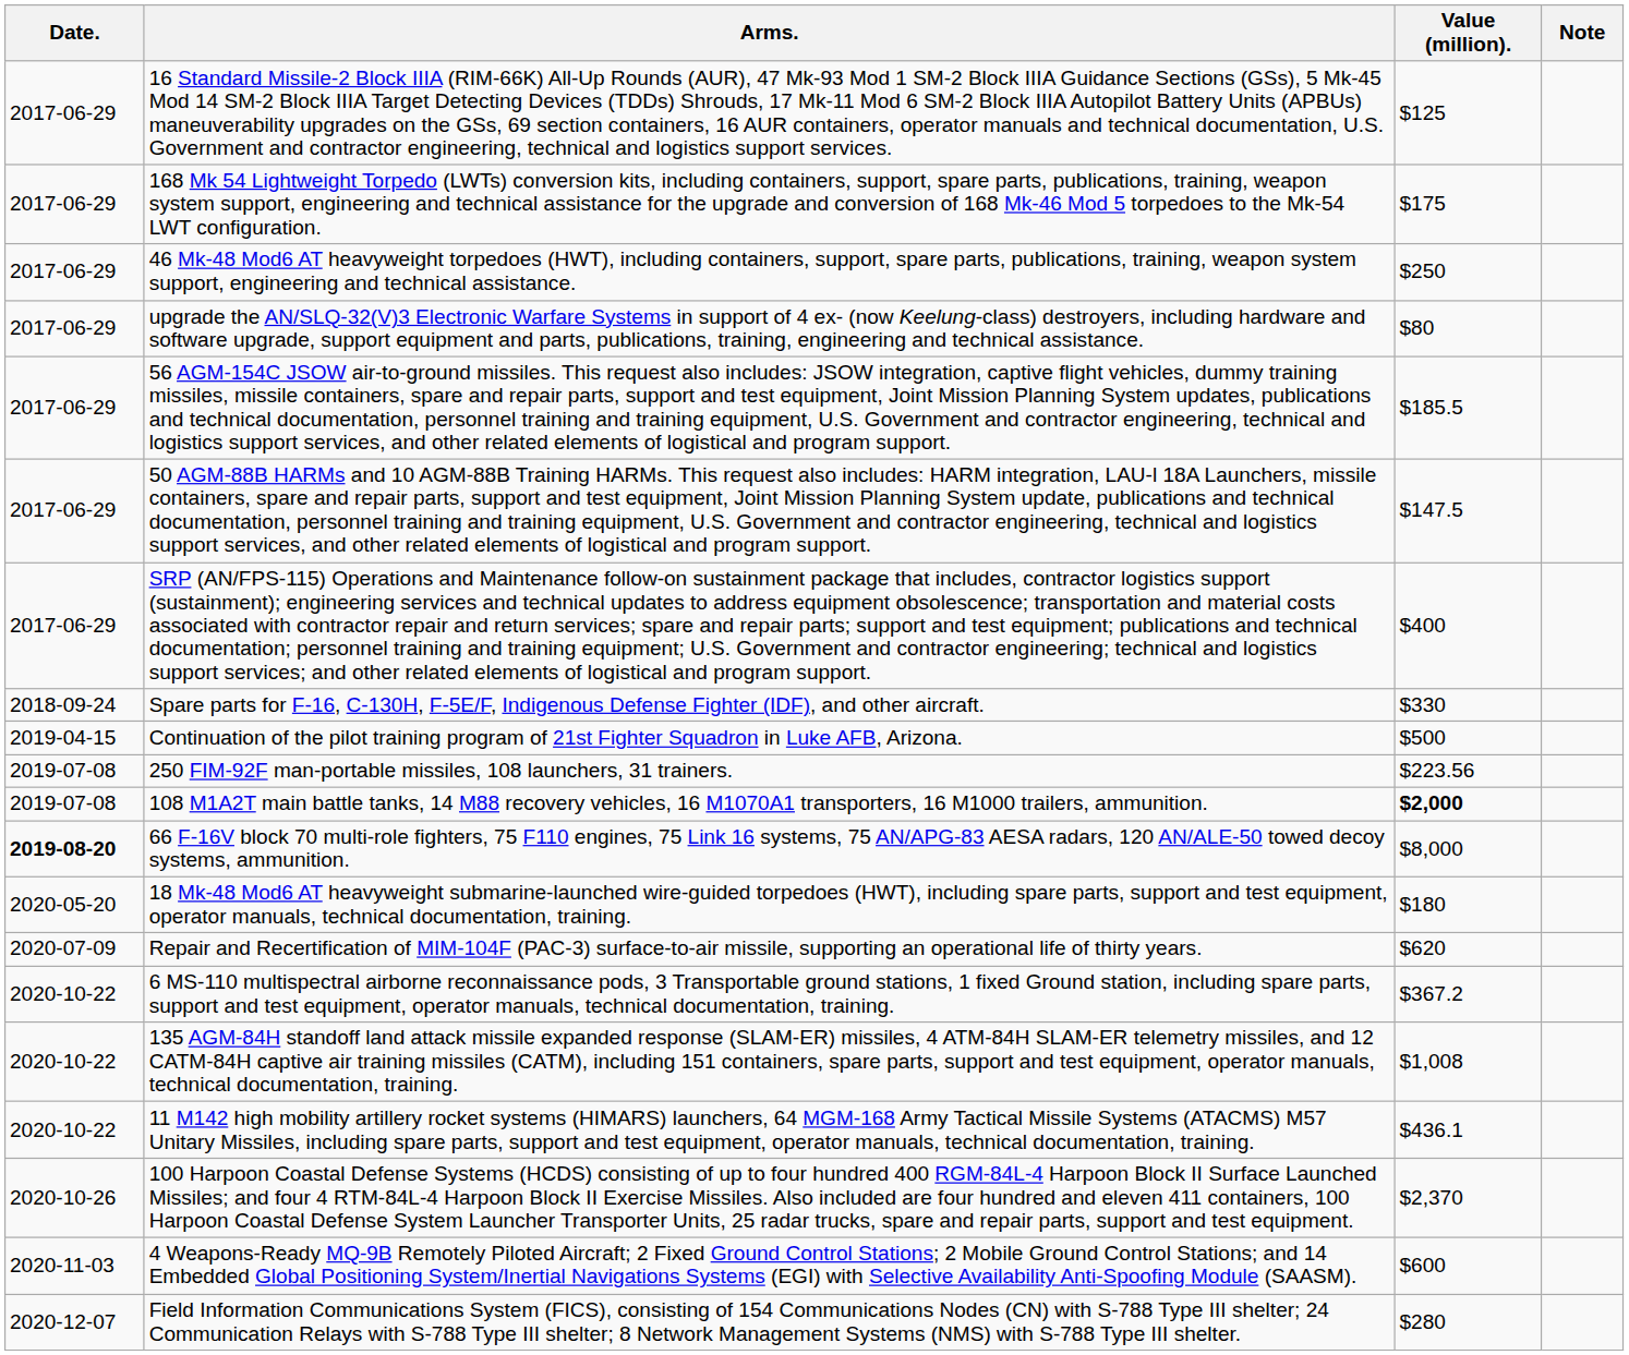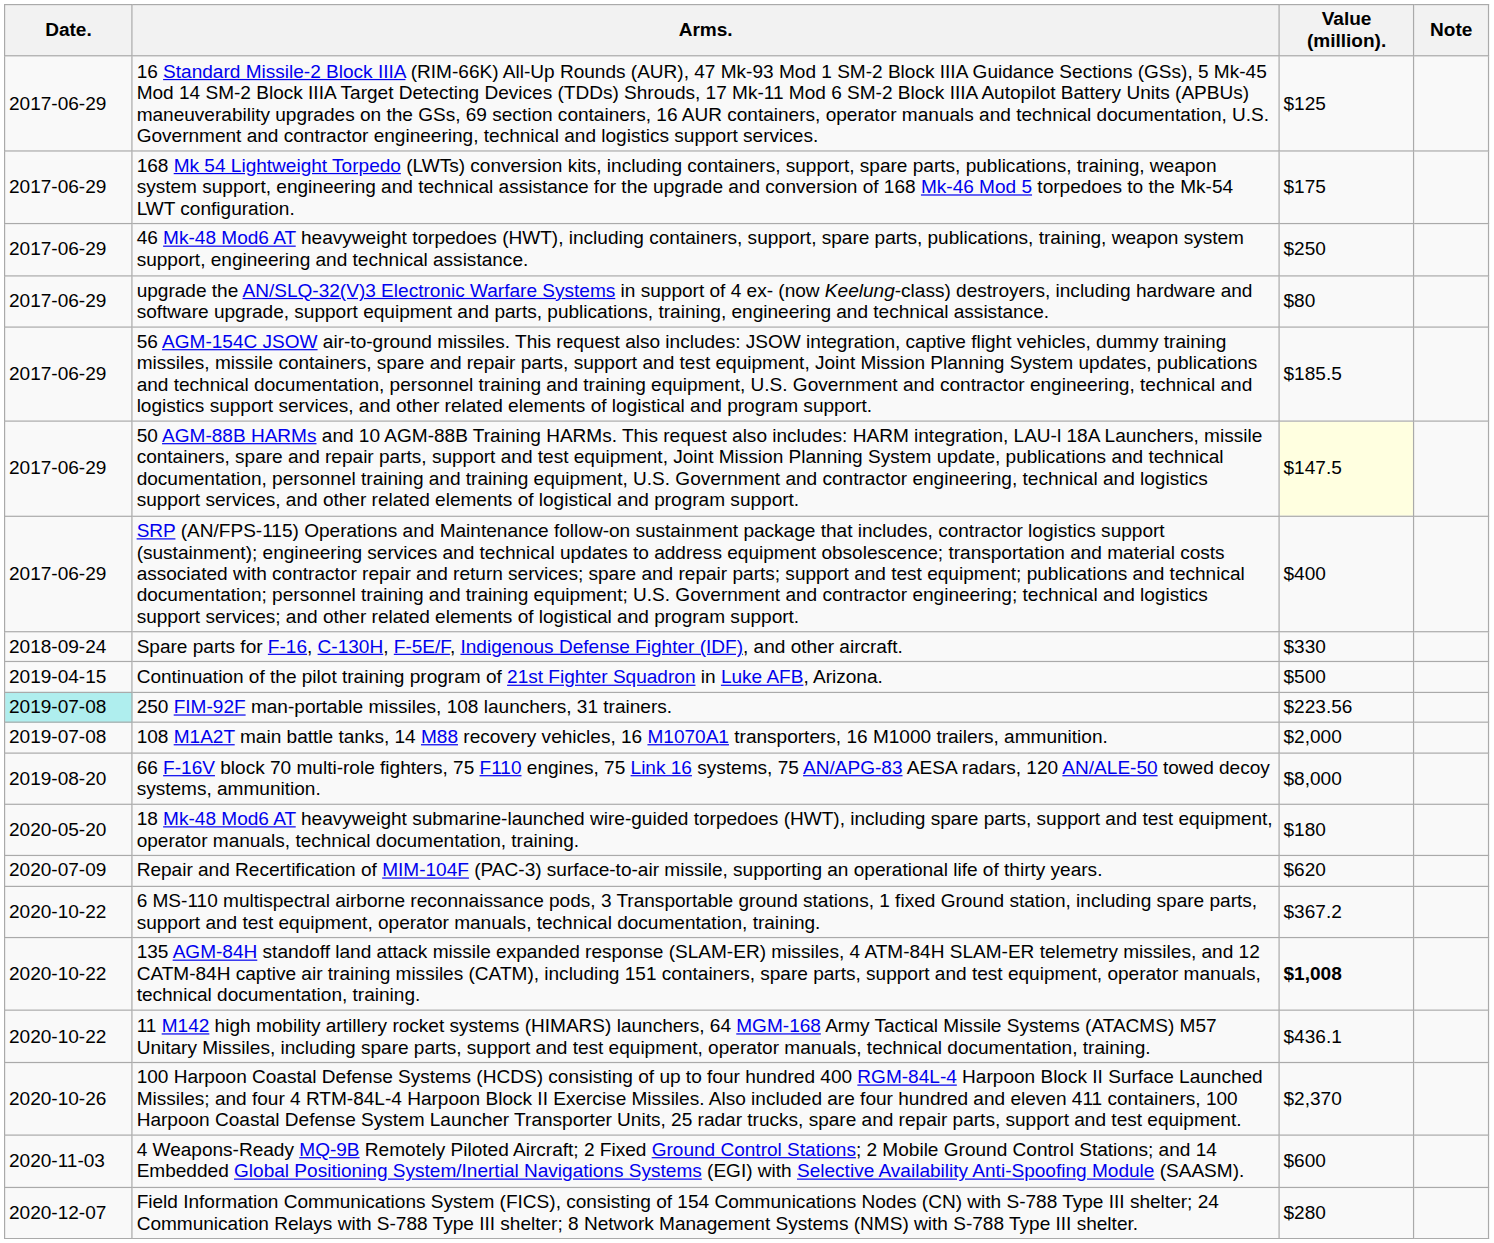 <table class="wikitable mw-collapsible">
 <tr>
 <th scope="col" style="width: 3%;">Date.</th>
 <th scope="col" style="width: 30%;">Arms.</th>
 <th scope="col" style="width: 2%;">Value (million).</th>
 <th scope="col" style="width: 1%;">Note</th>
 </tr>
 <tr>
 <td>2017-06-29</td>
 <td>16 <a href='#'>Standard Missile-2 Block IIIA</a> (RIM-66K) All-Up Rounds (AUR), 47 Mk-93 Mod 1 SM-2 Block IIIA Guidance Sections (GSs), 5 Mk-45 Mod 14 SM-2 Block IIIA Target Detecting Devices (TDDs) Shrouds, 17 Mk-11 Mod 6 SM-2 Block IIIA Autopilot Battery Units (APBUs) maneuverability upgrades on the GSs, 69 section containers, 16 AUR containers, operator manuals and technical documentation, U.S. Government and contractor engineering, technical and logistics support services.</td>
 <td>$125</td>
 <td></td>
 </tr>
 <tr>
 <td>2017-06-29</td>
 <td>168 <a href='#'>Mk 54 Lightweight Torpedo</a> (LWTs) conversion kits, including containers, support, spare parts, publications, training, weapon system support, engineering and technical assistance for the upgrade and conversion of 168 <a href='#'>Mk-46 Mod 5</a> torpedoes to the Mk-54 LWT configuration.</td>
 <td>$175</td>
 <td></td>
 </tr>
 <tr>
 <td>2017-06-29</td>
 <td>46 <a href='#'>Mk-48 Mod6 AT</a> heavyweight torpedoes (HWT), including containers, support, spare parts, publications, training, weapon system support, engineering and technical assistance.</td>
 <td>$250</td>
 <td></td>
 </tr>
 <tr>
 <td>2017-06-29</td>
 <td>upgrade the <a href='#'>AN/SLQ-32(V)3 Electronic Warfare Systems</a> in support of 4 ex- (now <em>Keelung</em>-class) destroyers, including hardware and software upgrade, support equipment and parts, publications, training, engineering and technical assistance.</td>
 <td>$80</td>
 <td></td>
 </tr>
 <tr>
 <td>2017-06-29</td>
 <td>56 <a href='#'>AGM-154C JSOW</a> air-to-ground missiles. This request also includes: JSOW integration, captive flight vehicles, dummy training missiles, missile containers, spare and repair parts, support and test equipment, Joint Mission Planning System updates, publications and technical documentation, personnel training and training equipment, U.S. Government and contractor engineering, technical and logistics support services, and other related elements of logistical and program support.</td>
 <td>$185.5</td>
 <td></td>
 </tr>
 <tr>
 <td>2017-06-29</td>
 <td>50 <a href='#'>AGM-88B HARMs</a> and 10 AGM-88B Training HARMs. This request also includes: HARM integration, LAU-l 18A Launchers, missile containers, spare and repair parts, support and test equipment, Joint Mission Planning System update, publications and technical documentation, personnel training and training equipment, U.S. Government and contractor engineering, technical and logistics support services, and other related elements of logistical and program support.</td>
-<td>$147.5</td>
+<td style="background: lightyellow;">$147.5</td>
 <td></td>
 </tr>
 <tr>
 <td>2017-06-29</td>
 <td><a href='#'>SRP</a> (AN/FPS-115) Operations and Maintenance follow-on sustainment package that includes, contractor logistics support (sustainment); engineering services and technical updates to address equipment obsolescence; transportation and material costs associated with contractor repair and return services; spare and repair parts; support and test equipment; publications and technical documentation; personnel training and training equipment; U.S. Government and contractor engineering; technical and logistics support services; and other related elements of logistical and program support.</td>
 <td>$400</td>
 <td></td>
 </tr>
 <tr>
 <td>2018-09-24</td>
 <td>Spare parts for <a href='#'>F-16</a>, <a href='#'>C-130H</a>, <a href='#'>F-5E/F</a>, <a href='#'>Indigenous Defense Fighter (IDF)</a>, and other aircraft.</td>
 <td>$330</td>
 <td></td>
 </tr>
 <tr>
 <td>2019-04-15</td>
 <td>Continuation of the pilot training program of <a href='#'>21st Fighter Squadron</a> in <a href='#'>Luke AFB</a>, Arizona.</td>
 <td>$500</td>
 <td></td>
 </tr>
 <tr>
-<td>2019-07-08</td>
+<td style="background: paleturquoise;">2019-07-08</td>
 <td>250 <a href='#'>FIM-92F</a> man-portable missiles, 108 launchers, 31 trainers.</td>
 <td>$223.56</td>
 <td></td>
 </tr>
 <tr>
 <td>2019-07-08</td>
 <td>108 <a href='#'>M1A2T</a> main battle tanks, 14 <a href='#'>M88</a> recovery vehicles, 16 <a href='#'>M1070A1</a> transporters, 16 M1000 trailers, ammunition.</td>
-<td><strong>$2,000</strong></td>
+<td>$2,000</td>
 <td></td>
 </tr>
 <tr>
-<td><strong>2019-08-20</strong></td>
+<td>2019-08-20</td>
 <td>66 <a href='#'>F-16V</a> block 70 multi-role fighters, 75 <a href='#'>F110</a> engines, 75 <a href='#'>Link 16</a> systems, 75 <a href='#'>AN/APG-83</a> AESA radars, 120 <a href='#'>AN/ALE-50</a> towed decoy systems, ammunition.</td>
 <td>$8,000</td>
 <td></td>
 </tr>
 <tr>
 <td>2020-05-20</td>
 <td>18 <a href='#'>Mk-48 Mod6 AT</a> heavyweight submarine-launched wire-guided torpedoes (HWT), including spare parts, support and test equipment, operator manuals, technical documentation, training.</td>
 <td>$180</td>
 <td></td>
 </tr>
 <tr>
 <td>2020-07-09</td>
 <td>Repair and Recertification of <a href='#'>MIM-104F</a> (PAC-3) surface-to-air missile, supporting an operational life of thirty years.</td>
 <td>$620</td>
 <td></td>
 </tr>
 <tr>
 <td>2020-10-22</td>
 <td>6 MS-110 multispectral airborne reconnaissance pods, 3 Transportable ground stations, 1 fixed Ground station, including spare parts, support and test equipment, operator manuals, technical documentation, training.</td>
 <td>$367.2</td>
 <td></td>
 </tr>
 <tr>
 <td>2020-10-22</td>
 <td>135 <a href='#'>AGM-84H</a> standoff land attack missile expanded response (SLAM-ER) missiles, 4 ATM-84H SLAM-ER telemetry missiles, and 12 CATM-84H captive air training missiles (CATM), including 151 containers, spare parts, support and test equipment, operator manuals, technical documentation, training.</td>
-<td>$1,008</td>
+<td><strong>$1,008</strong></td>
 <td></td>
 </tr>
 <tr>
 <td>2020-10-22</td>
 <td>11 <a href='#'>M142</a> high mobility artillery rocket systems (HIMARS) launchers, 64 <a href='#'>MGM-168</a> Army Tactical Missile Systems (ATACMS) M57 Unitary Missiles, including spare parts, support and test equipment, operator manuals, technical documentation, training.</td>
 <td>$436.1</td>
 <td></td>
 </tr>
 <tr>
 <td>2020-10-26</td>
 <td>100 Harpoon Coastal Defense Systems (HCDS) consisting of up to four hundred 400 <a href='#'>RGM-84L-4</a> Harpoon Block II Surface Launched Missiles; and four 4 RTM-84L-4 Harpoon Block II Exercise Missiles. Also included are four hundred and eleven 411 containers, 100 Harpoon Coastal Defense System Launcher Transporter Units, 25 radar trucks, spare and repair parts, support and test equipment.</td>
 <td>$2,370</td>
 <td></td>
 </tr>
 <tr>
 <td>2020-11-03</td>
 <td>4 Weapons-Ready <a href='#'>MQ-9B</a> Remotely Piloted Aircraft; 2 Fixed <a href='#'>Ground Control Stations</a>; 2 Mobile Ground Control Stations; and 14 Embedded <a href='#'>Global Positioning System/Inertial Navigations Systems</a> (EGI) with <a href='#'>Selective Availability Anti-Spoofing Module</a> (SAASM).</td>
 <td>$600</td>
 <td></td>
 </tr>
 <tr>
 <td>2020-12-07</td>
 <td>Field Information Communications System (FICS), consisting of 154 Communications Nodes (CN) with S-788 Type III shelter; 24 Communication Relays with S-788 Type III shelter; 8 Network Management Systems (NMS) with S-788 Type III shelter.</td>
 <td>$280</td>
 </tr>
 <tr>
 </tr>
 </table>
